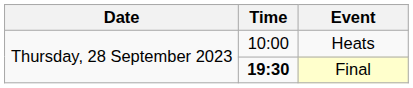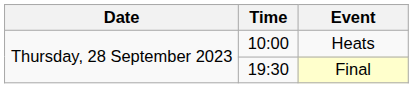 <table class = "wikitable" style="text-align:center;">
 <tr>
 <th width=220>Date</th>
 <th width=50>Time</th>
 <th width=100>Event</th>
 </tr>
 <tr>
 <td rowspan=2>Thursday, 28 September 2023</td>
 <td>10:00</td>
 <td>Heats</td>
 </tr>
 <tr>
-<td><strong>19:30</strong></td>
+<td>19:30</td>
 <td bgcolor=ffffcc>Final</td>
 </tr>
 </table>
